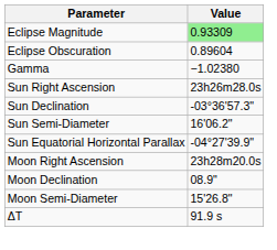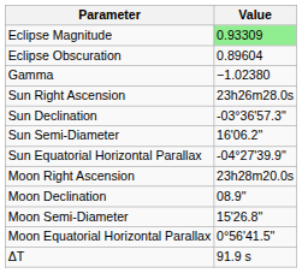 <table class="wikitable">
 <tr>
 <th>Parameter</th>
 <th>Value</th>
 </tr>
 <tr>
 <td>Eclipse Magnitude</td>
 <td style="background: lightgreen;">0.93309</td>
 </tr>
 <tr>
 <td>Eclipse Obscuration</td>
 <td>0.89604</td>
 </tr>
 <tr>
 <td>Gamma</td>
 <td>−1.02380</td>
 </tr>
 <tr>
 <td>Sun Right Ascension</td>
 <td>23h26m28.0s</td>
 </tr>
 <tr>
 <td>Sun Declination</td>
 <td>-03°36'57.3"</td>
 </tr>
 <tr>
 <td>Sun Semi-Diameter</td>
 <td>16'06.2"</td>
 </tr>
 <tr>
 <td>Sun Equatorial Horizontal Parallax</td>
 <td>-04°27'39.9"</td>
 </tr>
 <tr>
 <td>Moon Right Ascension</td>
 <td>23h28m20.0s</td>
 </tr>
 <tr>
 <td>Moon Declination</td>
 <td>08.9"</td>
 </tr>
 <tr>
 <td>Moon Semi-Diameter</td>
 <td>15'26.8"</td>
 </tr>
 <tr>
+<td>Moon Equatorial Horizontal Parallax</td>
+<td>0°56'41.5"</td>
+</tr>
+<tr>
 <td>ΔT</td>
 <td>91.9 s</td>
 </tr>
 </table>
